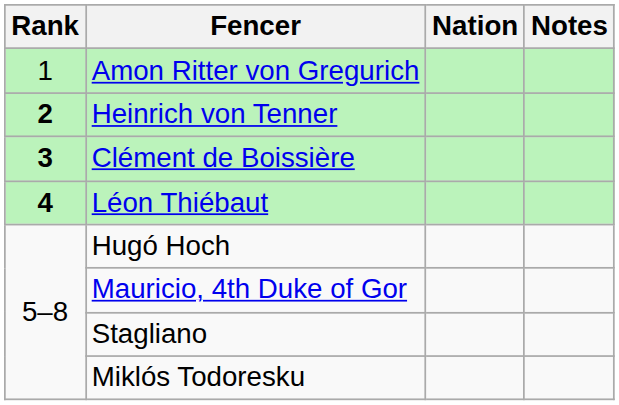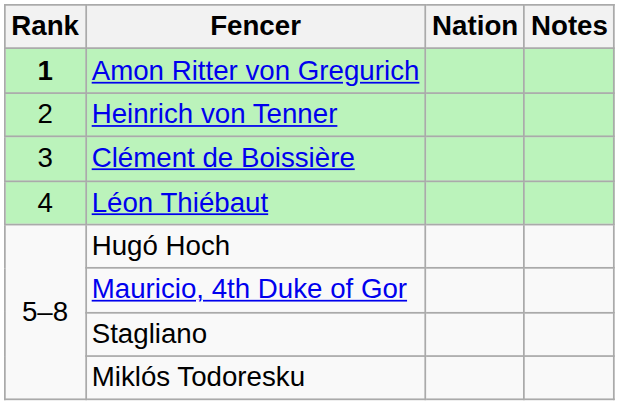 <table class="wikitable sortable" style="text-align:center">
 <tr>
 <th>Rank</th>
 <th>Fencer</th>
 <th>Nation</th>
 <th>Notes</th>
 </tr>
 <tr bgcolor=bbf3bb>
-<td>1</td>
+<td><strong>1</strong></td>
 <td align=left><a href='#'>Amon Ritter von Gregurich</a></td>
 <td align=left></td>
 <td></td>
 </tr>
 <tr bgcolor=bbf3bb>
-<td><strong>2</strong></td>
+<td>2</td>
 <td align=left><a href='#'>Heinrich von Tenner</a></td>
 <td align=left></td>
 <td></td>
 </tr>
 <tr bgcolor=bbf3bb>
-<td><strong>3</strong></td>
+<td>3</td>
 <td align=left><a href='#'>Clément de Boissière</a></td>
 <td align=left></td>
 <td></td>
 </tr>
 <tr bgcolor=bbf3bb>
-<td><strong>4</strong></td>
+<td>4</td>
 <td align=left><a href='#'>Léon Thiébaut</a></td>
 <td align=left></td>
 <td></td>
 </tr>
 <tr>
 <td align=center rowspan=4>5–8</td>
 <td align=left>Hugó Hoch</td>
 <td align=left></td>
 <td></td>
 </tr>
 <tr>
 <td align=left><a href='#'>Mauricio, 4th Duke of Gor</a></td>
 <td align=left></td>
 <td></td>
 </tr>
 <tr>
 <td align=left>Stagliano</td>
 <td align=left></td>
 <td></td>
 </tr>
 <tr>
 <td align=left>Miklós Todoresku</td>
 <td align=left></td>
 <td></td>
 </tr>
 </table>
